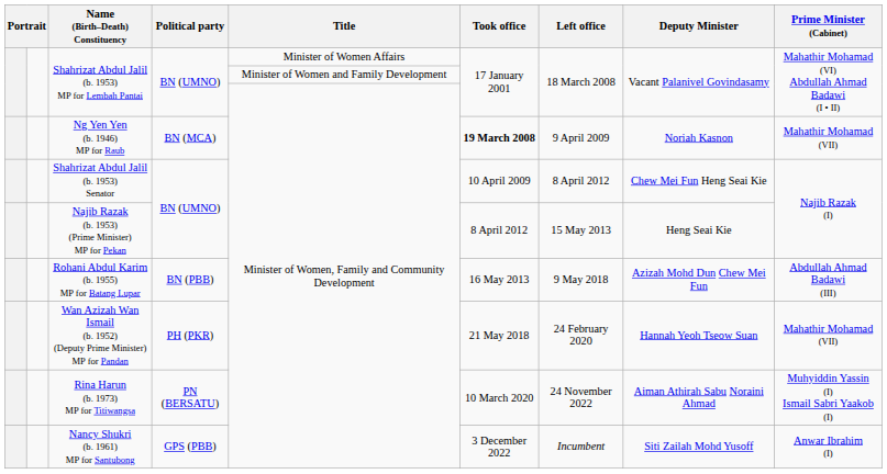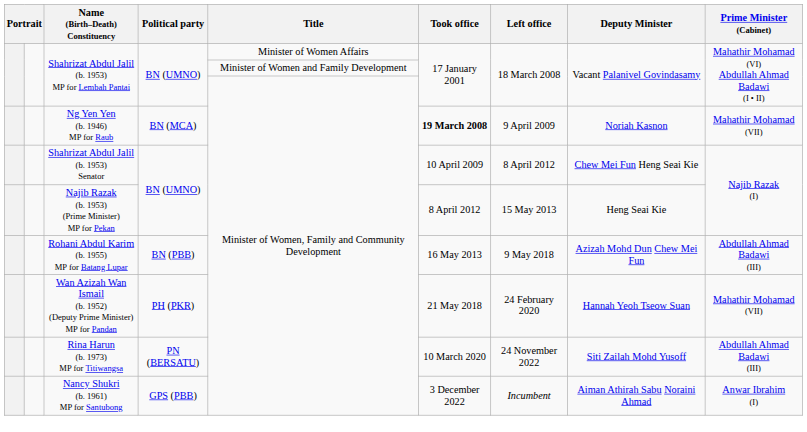 <table class="wikitable" style="text-align:center;">
 <tr>
 <th colspan=2>Portrait</th>
 <th>Name<br><small>(Birth–Death)<br>Constituency</small></th>
 <th>Political party</th>
 <th>Title</th>
 <th>Took office</th>
 <th>Left office</th>
 <th>Deputy Minister</th>
 <th><a href='#'>Prime Minister</a><br><small>(Cabinet)</small></th>
 </tr>
 <tr>
 <th rowspan=3 style="background:"></th>
 <td rowspan=3></td>
 <td rowspan=3><a href='#'>Shahrizat Abdul Jalil</a><br><small>(b. 1953)<br>MP for <a href='#'>Lembah Pantai</a></small></td>
 <td rowspan=3><a href='#'>BN</a> (<a href='#'>UMNO</a>)</td>
 <td>Minister of Women Affairs</td>
 <td rowspan=3>17 January 2001</td>
 <td rowspan=3>18 March 2008</td>
 <td rowspan="3">Vacant <a href='#'>Palanivel Govindasamy</a> </td>
 <td rowspan="3"><a href='#'>Mahathir Mohamad</a><br><small>(VI)</small><br><a href='#'>Abdullah Ahmad Badawi</a><br><small>(I • II)</small></td>
 </tr>
 <tr>
 <td>Minister of Women and Family Development</td>
 </tr>
 <tr>
 <td rowspan=8>Minister of Women, Family and Community Development</td>
 </tr>
 <tr>
 <th style="background:"></th>
 <td></td>
 <td><a href='#'>Ng Yen Yen</a><br><small>(b. 1946)<br>MP for <a href='#'>Raub</a></small></td>
 <td><a href='#'>BN</a> (<a href='#'>MCA</a>)</td>
 <td><strong>19 March 2008</strong></td>
 <td>9 April 2009</td>
 <td><a href='#'>Noriah Kasnon</a></td>
 <td><a href='#'>Mahathir Mohamad</a><br><small>(VII)</small></td>
 </tr>
 <tr>
 <th style="background:"></th>
 <td></td>
 <td><a href='#'>Shahrizat Abdul Jalil</a><br><small>(b. 1953)<br>Senator</small></td>
 <td rowspan=2><a href='#'>BN</a> (<a href='#'>UMNO</a>)</td>
 <td>10 April 2009</td>
 <td>8 April 2012</td>
 <td><a href='#'>Chew Mei Fun</a> Heng Seai Kie </td>
 <td rowspan="2"><a href='#'>Najib Razak</a><br><small>(I)</small></td>
 </tr>
 <tr>
 <th style="background:"></th>
 <td></td>
 <td><a href='#'>Najib Razak</a><br><small>(b. 1953)<br>(Prime Minister)<br>MP for <a href='#'>Pekan</a></small></td>
 <td>8 April 2012</td>
 <td>15 May 2013</td>
 <td>Heng Seai Kie</td>
 </tr>
 <tr>
 <th style="background:"></th>
 <td></td>
 <td><a href='#'>Rohani Abdul Karim</a><br><small>(b. 1955)<br>MP for <a href='#'>Batang Lupar</a></small></td>
 <td><a href='#'>BN</a> (<a href='#'>PBB</a>)</td>
 <td>16 May 2013</td>
 <td>9 May 2018</td>
 <td><a href='#'>Azizah Mohd Dun</a> <a href='#'>Chew Mei Fun</a> </td>
 <td><a href='#'>Abdullah Ahmad Badawi</a><br><small>(III)</small></td>
 </tr>
 <tr>
 <th style="background:"></th>
 <td></td>
 <td><a href='#'>Wan Azizah Wan Ismail</a><br><small>(b. 1952)<br>(Deputy Prime Minister) <br>MP for <a href='#'>Pandan</a></small></td>
 <td><a href='#'>PH</a> (<a href='#'>PKR</a>)</td>
 <td>21 May 2018</td>
 <td>24 February 2020</td>
 <td><a href='#'>Hannah Yeoh Tseow Suan</a></td>
 <td><a href='#'>Mahathir Mohamad</a><br><small>(VII)</small></td>
 </tr>
 <tr>
 <th style="background:"></th>
 <td></td>
 <td><a href='#'>Rina Harun</a><br><small>(b. 1973)<br>MP for <a href='#'>Titiwangsa</a></small></td>
 <td><a href='#'>PN</a> (<a href='#'>BERSATU</a>)</td>
 <td>10 March 2020</td>
 <td>24 November 2022</td>
-<td><a href='#'>Aiman Athirah Sabu</a> <a href='#'>Noraini Ahmad</a> </td>
-<td><a href='#'>Muhyiddin Yassin</a><br><small>(I)</small><br><a href='#'>Ismail Sabri Yaakob</a><br><small>(I)</small></td>
+<td><a href='#'>Siti Zailah Mohd Yusoff</a></td>
+<td><a href='#'>Abdullah Ahmad Badawi</a><br><small>(III)</small></td>
 </tr>
 <tr>
 <th style="background:"></th>
 <td></td>
 <td><a href='#'>Nancy Shukri</a><br><small>(b. 1961)<br>MP for <a href='#'>Santubong</a></small></td>
 <td><a href='#'>GPS</a> (<a href='#'>PBB</a>)</td>
 <td>3 December 2022</td>
 <td><em>Incumbent</em></td>
-<td><a href='#'>Siti Zailah Mohd Yusoff</a></td>
+<td><a href='#'>Aiman Athirah Sabu</a> <a href='#'>Noraini Ahmad</a> </td>
 <td><a href='#'>Anwar Ibrahim</a><br><small>(I)</small></td>
 </tr>
 </table>
